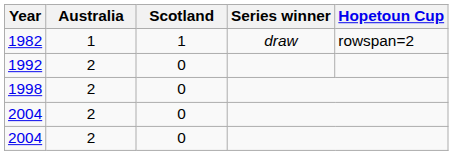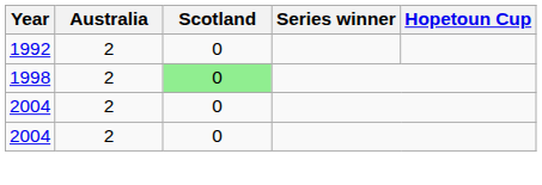 <table class="wikitable">
 <tr>
 <th>Year</th>
 <th width="87">Australia</th>
 <th width="87">Scotland</th>
 <th width="105">Series winner</th>
 <th><a href='#'>Hopetoun Cup</a></th>
-</tr>
-<tr>
-<td> <a href='#'>1982</a></td>
-<td align=center>1</td>
-<td align=center>1</td>
-<td align=center><em>draw</em></td>
-<td>rowspan=2 </td>
 </tr>
 <tr>
 <td> <a href='#'>1992</a></td>
 <td align=center>2</td>
 <td align=center>0</td>
 <td></td>
 </tr>
 <tr>
 <td> <a href='#'>1998</a></td>
 <td align=center>2</td>
-<td align=center>0</td>
+<td align=center style="background: lightgreen;">0</td>
 <td colspan=2></td>
 </tr>
 <tr>
 <td> <a href='#'>2004</a></td>
 <td align=center>2</td>
 <td align=center>0</td>
 <td colspan=2></td>
 </tr>
 <tr>
 <td> <a href='#'>2004</a></td>
 <td align=center>2</td>
 <td align=center>0</td>
 <td colspan=2></td>
 </tr>
 </table>
